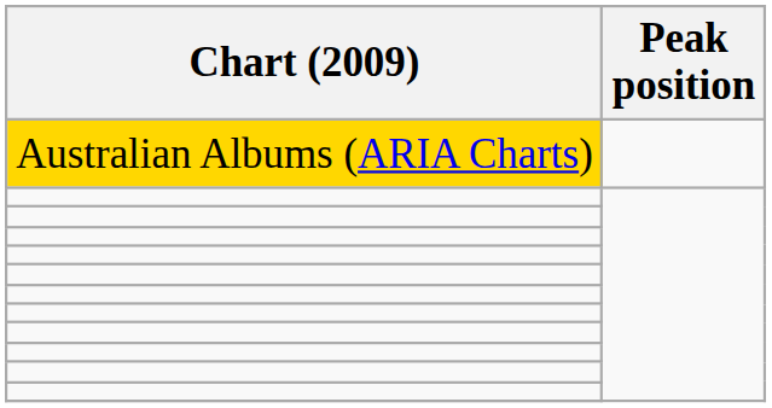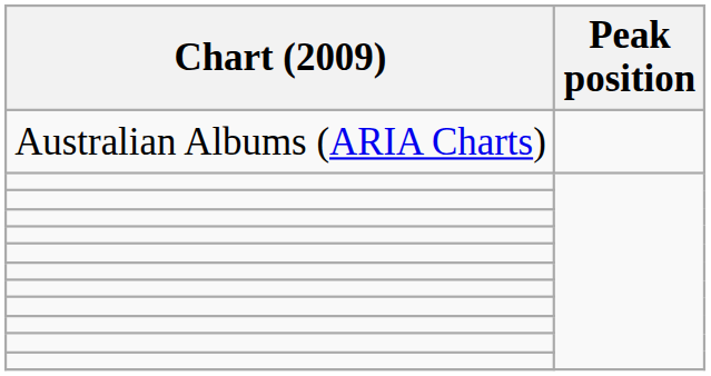 <table class="wikitable sortable plainrowheaders">
 <tr>
 <th>Chart (2009)</th>
 <th>Peak<br>position</th>
 </tr>
 <tr>
-<td style="background: gold;">Australian Albums (<a href='#'>ARIA Charts</a>)</td>
+<td>Australian Albums (<a href='#'>ARIA Charts</a>)</td>
 <td></td>
 </tr>
 <tr>
 <td></td>
 </tr>
 <tr>
 <td></td>
 </tr>
 <tr>
 <td></td>
 </tr>
 <tr>
 <td></td>
 </tr>
 <tr>
 <td></td>
 </tr>
 <tr>
 <td></td>
 </tr>
 <tr>
 <td></td>
 </tr>
 <tr>
 <td></td>
 </tr>
 <tr>
 <td></td>
 </tr>
 <tr>
 <td></td>
 </tr>
 <tr>
 <td></td>
 </tr>
 <tr>
 </tr>
 </table>
